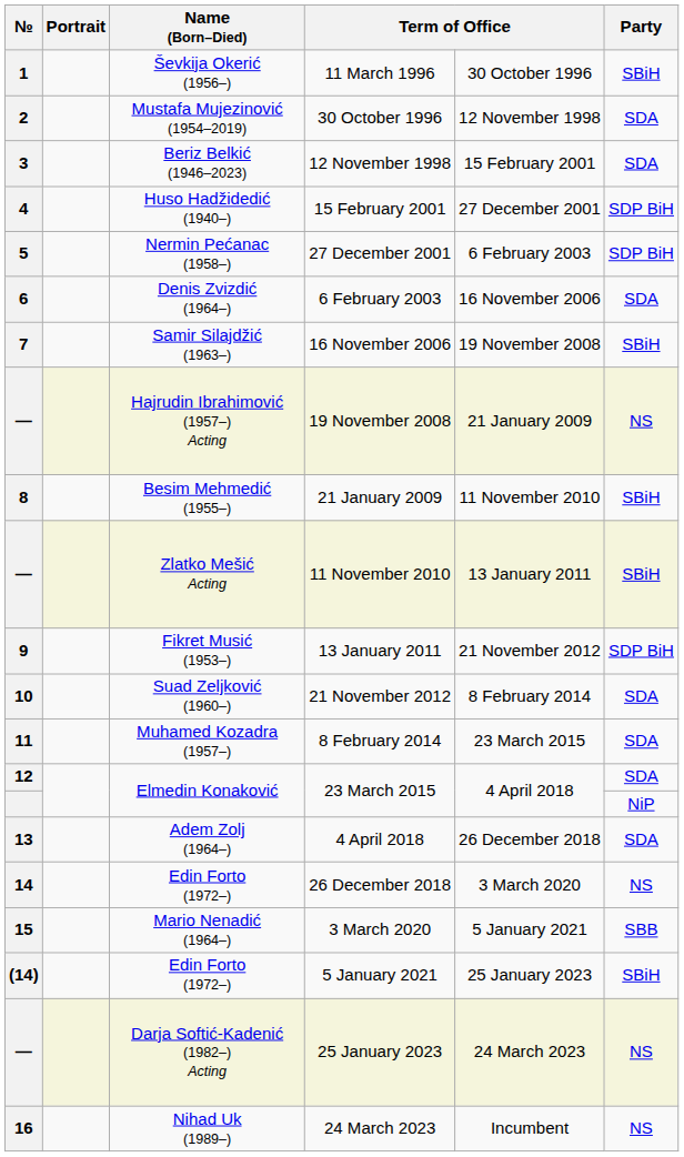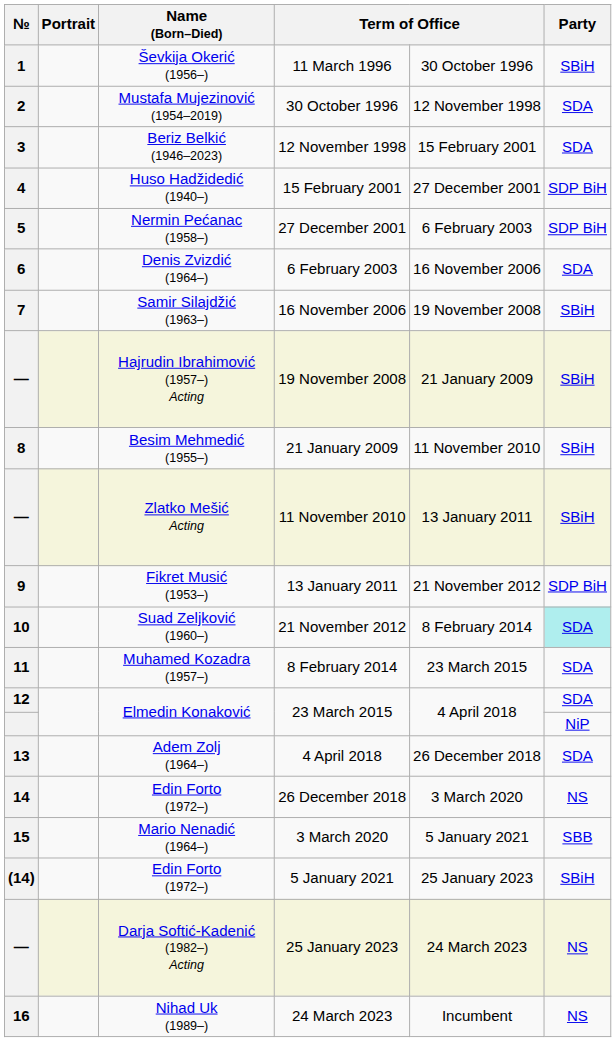 <table class="wikitable" style="text-align:center">
 <tr ->
 <th>№</th>
 <th>Portrait</th>
 <th width=180>Name<br><small>(Born–Died)</small></th>
 <th colspan=2>Term of Office</th>
 <th>Party</th>
 </tr>
 <tr ->
 <th style="background:">1</th>
 <td></td>
 <td><a href='#'>Ševkija Okerić</a><br><small>(1956–)</small></td>
 <td>11 March 1996</td>
 <td>30 October 1996</td>
 <td><a href='#'>SBiH</a></td>
 </tr>
 <tr ->
 <th style="background:">2</th>
 <td></td>
 <td><a href='#'>Mustafa Mujezinović</a><br><small>(1954–2019)</small></td>
 <td>30 October 1996</td>
 <td>12 November 1998</td>
 <td><a href='#'>SDA</a></td>
 </tr>
 <tr ->
 <th style="background:">3</th>
 <td></td>
 <td><a href='#'>Beriz Belkić</a><br><small>(1946–2023)</small></td>
 <td>12 November 1998</td>
 <td>15 February 2001</td>
 <td><a href='#'>SDA</a></td>
 </tr>
 <tr ->
 <th style="background:">4</th>
 <td></td>
 <td><a href='#'>Huso Hadžidedić</a><br><small>(1940–)</small></td>
 <td>15 February 2001</td>
 <td>27 December 2001</td>
 <td><a href='#'>SDP BiH</a></td>
 </tr>
 <tr ->
 <th style="background:">5</th>
 <td></td>
 <td><a href='#'>Nermin Pećanac</a><br><small>(1958–)</small></td>
 <td>27 December 2001</td>
 <td>6 February 2003</td>
 <td><a href='#'>SDP BiH</a></td>
 </tr>
 <tr ->
 <th style="background:">6</th>
 <td></td>
 <td><a href='#'>Denis Zvizdić</a><br><small>(1964–)</small></td>
 <td>6 February 2003</td>
 <td>16 November 2006</td>
 <td><a href='#'>SDA</a></td>
 </tr>
 <tr ->
 <th style="background:">7</th>
 <td></td>
 <td><a href='#'>Samir Silajdžić</a><br><small>(1963–)</small></td>
 <td>16 November 2006</td>
 <td>19 November 2008</td>
 <td><a href='#'>SBiH</a></td>
 </tr>
 <tr ->
 <th style="background:">—</th>
 <td style="height:6em; background-color:#F5F5DC;"></td>
 <td style="height:6em; background-color:#F5F5DC;"><a href='#'>Hajrudin Ibrahimović</a><br><small>(1957–)</small><br><small><em>Acting</em></small></td>
 <td style="height:6em; background-color:#F5F5DC;">19 November 2008</td>
 <td style="height:6em; background-color:#F5F5DC;">21 January 2009</td>
-<td style="height:6em; background-color:#F5F5DC;"><a href='#'>NS</a></td>
+<td style="height:6em; background-color:#F5F5DC;"><a href='#'>SBiH</a></td>
 </tr>
 <tr ->
 <th style="background:">8</th>
 <td></td>
 <td><a href='#'>Besim Mehmedić</a><br><small>(1955–)</small></td>
 <td>21 January 2009</td>
 <td>11 November 2010</td>
 <td><a href='#'>SBiH</a></td>
 </tr>
 <tr ->
 <th style="background:">—</th>
 <td style="height:6em; background-color:#F5F5DC;"></td>
 <td style="height:6em; background-color:#F5F5DC;"><a href='#'>Zlatko Mešić</a><br><small><em>Acting</em></small></td>
 <td style="height:6em; background-color:#F5F5DC;">11 November 2010</td>
 <td style="height:6em; background-color:#F5F5DC;">13 January 2011</td>
 <td style="height:6em; background-color:#F5F5DC;"><a href='#'>SBiH</a></td>
 </tr>
 <tr ->
 <th style="background:">9</th>
 <td></td>
 <td><a href='#'>Fikret Musić</a><br><small>(1953–)</small></td>
 <td>13 January 2011</td>
 <td>21 November 2012</td>
 <td><a href='#'>SDP BiH</a></td>
 </tr>
 <tr ->
 <th style="background:">10</th>
 <td></td>
 <td><a href='#'>Suad Zeljković</a><br><small>(1960–)</small></td>
 <td>21 November 2012</td>
 <td>8 February 2014</td>
-<td><a href='#'>SDA</a></td>
+<td style="background: paleturquoise;"><a href='#'>SDA</a></td>
 </tr>
 <tr ->
 <th style="background:">11</th>
 <td></td>
 <td><a href='#'>Muhamed Kozadra</a><br><small>(1957–)</small></td>
 <td>8 February 2014</td>
 <td>23 March 2015</td>
 <td><a href='#'>SDA</a></td>
 </tr>
 <tr ->
 <th style="background:">12</th>
 <td rowspan="2"></td>
 <td rowspan="2"><a href='#'>Elmedin Konaković</a><br></td>
 <td rowspan="2">23 March 2015</td>
 <td rowspan="2">4 April 2018</td>
 <td><a href='#'>SDA</a><br></td>
 </tr>
 <tr ->
 <th style="background:"></th>
 <td><a href='#'>NiP</a><br></td>
 </tr>
 <tr ->
 <th style="background:">13</th>
 <td></td>
 <td><a href='#'>Adem Zolj</a><br><small>(1964–)</small></td>
 <td>4 April 2018</td>
 <td>26 December 2018</td>
 <td><a href='#'>SDA</a></td>
 </tr>
 <tr ->
 <th style="background:">14</th>
 <td></td>
 <td><a href='#'>Edin Forto</a><br><small>(1972–)</small></td>
 <td>26 December 2018</td>
 <td>3 March 2020</td>
 <td><a href='#'>NS</a></td>
 </tr>
 <tr ->
 <th style="background:">15</th>
 <td></td>
 <td><a href='#'>Mario Nenadić</a><br><small>(1964–)</small></td>
 <td>3 March 2020</td>
 <td>5 January 2021</td>
 <td><a href='#'>SBB</a></td>
 </tr>
 <tr ->
 <th style="background:">(14)</th>
 <td></td>
 <td><a href='#'>Edin Forto</a><br><small>(1972–)</small></td>
 <td>5 January 2021</td>
 <td>25 January 2023</td>
 <td><a href='#'>SBiH</a></td>
 </tr>
 <tr ->
 <th style="background:">—</th>
 <td style="height:6em; background-color:#F5F5DC;"></td>
 <td style="height:6em; background-color:#F5F5DC;"><a href='#'>Darja Softić-Kadenić</a><br><small>(1982–)</small><br><small><em>Acting</em></small></td>
 <td style="height:6em; background-color:#F5F5DC;">25 January 2023</td>
 <td style="height:6em; background-color:#F5F5DC;">24 March 2023</td>
 <td style="height:6em; background-color:#F5F5DC;"><a href='#'>NS</a></td>
 </tr>
 <tr ->
 <th style="background:">16</th>
 <td></td>
 <td><a href='#'>Nihad Uk</a><br><small>(1989–)</small></td>
 <td>24 March 2023</td>
 <td>Incumbent</td>
 <td><a href='#'>NS</a></td>
 </tr>
 </table>
